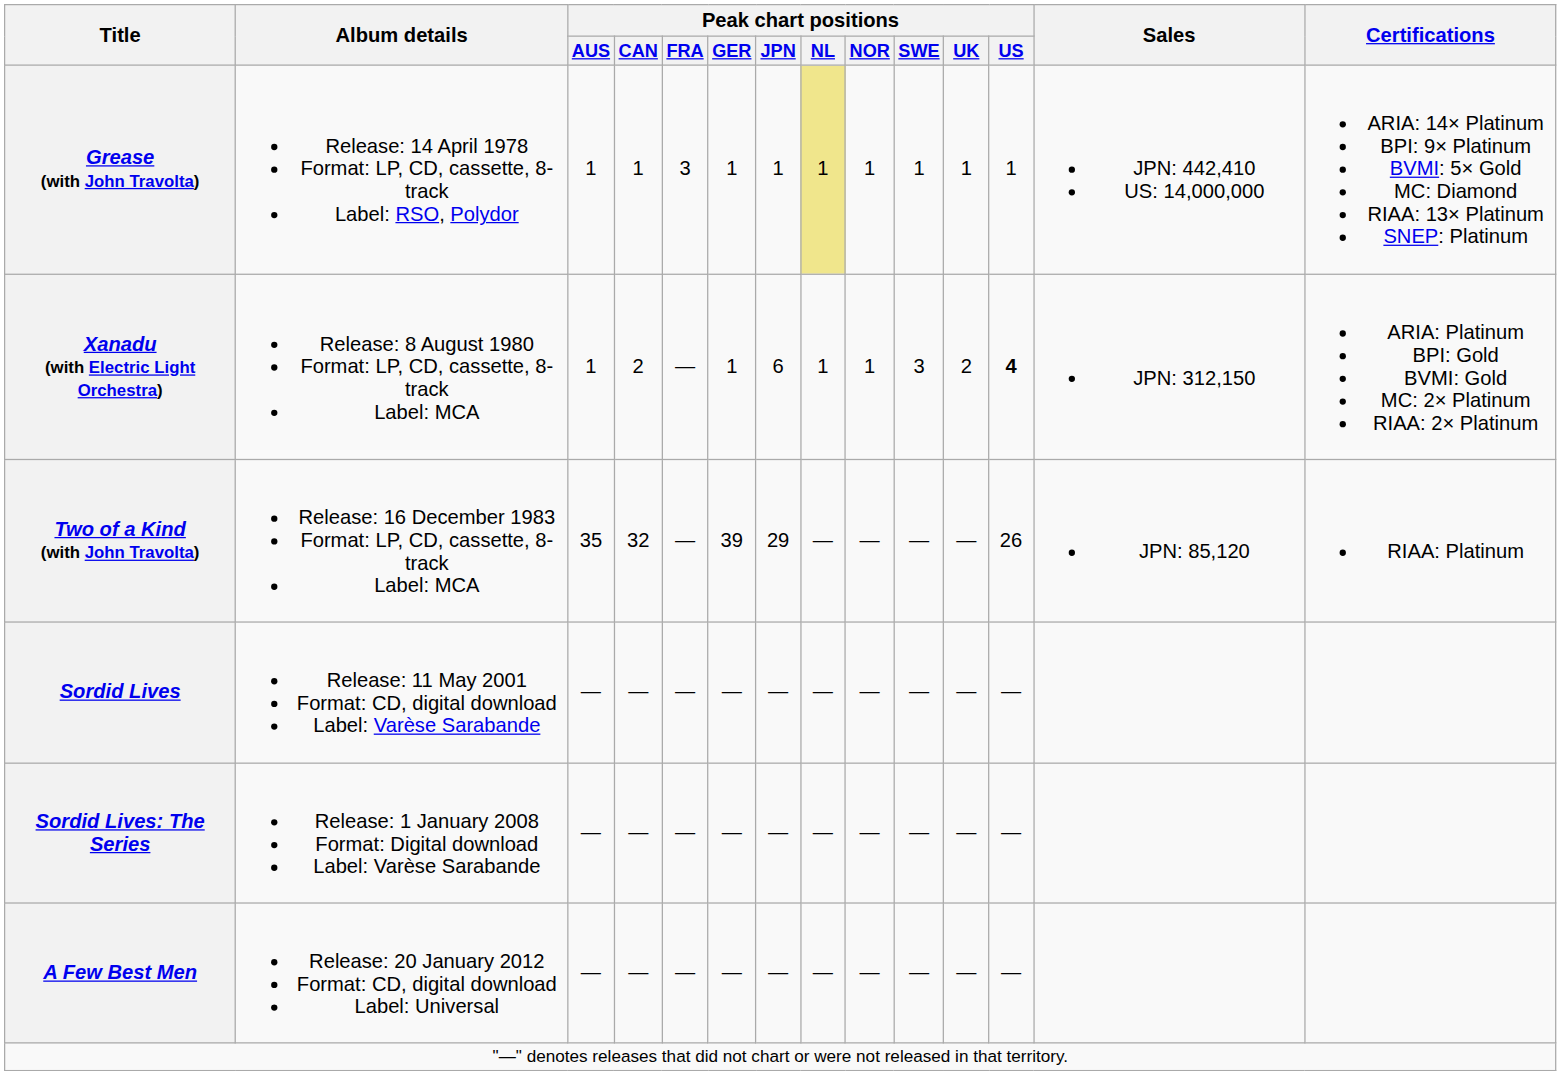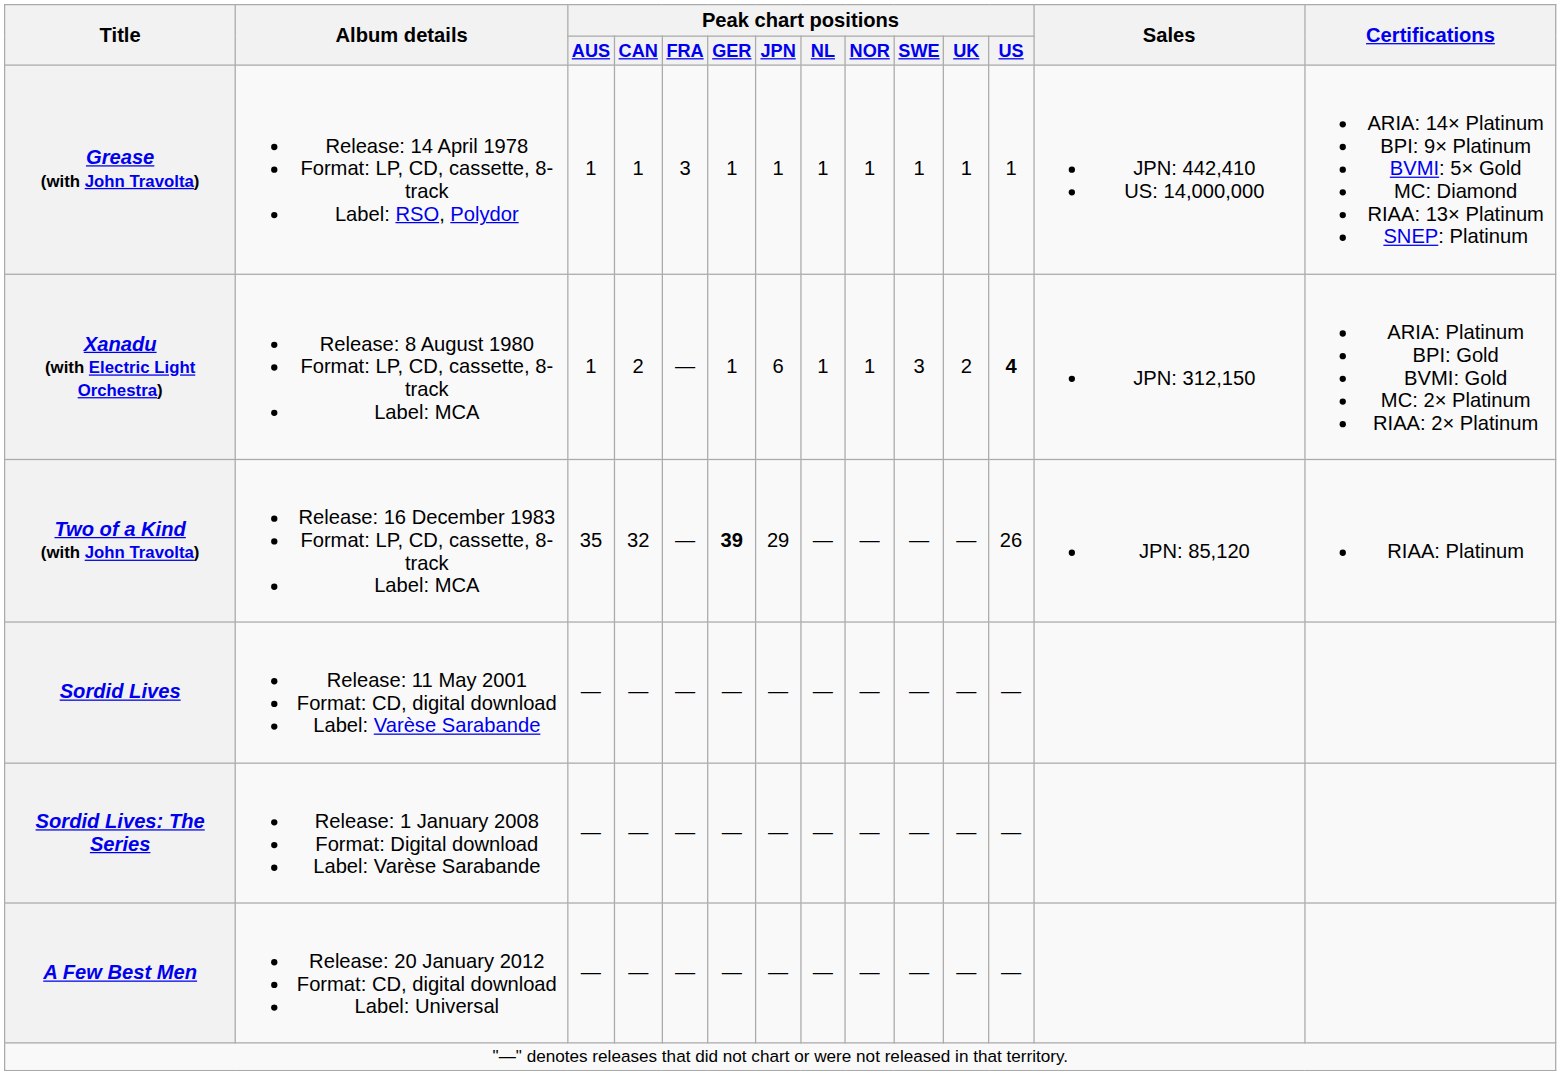 <table class="wikitable plainrowheaders" style="text-align:center;" border="1">
 <tr>
 <th scope="col" rowspan="2" style="width:11em;">Title</th>
 <th scope="col" rowspan="2" style="width:16em;">Album details</th>
 <th scope="col" colspan="10">Peak chart positions</th>
 <th scope="col" rowspan="2" style="width:13em;">Sales</th>
 <th scope="col" rowspan="2" style="width:12em;"><a href='#'>Certifications</a></th>
 </tr>
 <tr>
 <th scope="col" style="width:2em;font-size:90%;"><a href='#'>AUS</a><br></th>
 <th scope="col" style="width:2em;font-size:90%;"><a href='#'>CAN</a><br></th>
 <th scope="col" style="width:2em;font-size:90%;"><a href='#'>FRA</a><br></th>
 <th scope="col" style="width:2em;font-size:90%;"><a href='#'>GER</a><br></th>
 <th scope="col" style="width:2em;font-size:90%;"><a href='#'>JPN</a><br></th>
 <th scope="col" style="width:2em;font-size:90%;"><a href='#'>NL</a><br></th>
 <th scope="col" style="width:2em;font-size:90%;"><a href='#'>NOR</a><br></th>
 <th scope="col" style="width:2em;font-size:90%;"><a href='#'>SWE</a><br></th>
 <th scope="col" style="width:2em;font-size:90%;"><a href='#'>UK</a><br></th>
 <th scope="col" style="width:2em;font-size:90%;"><a href='#'>US</a><br></th>
 </tr>
 <tr>
 <th scope="row"><em><a href='#'>Grease</a></em><br><small>(with <a href='#'>John Travolta</a>)</small></th>
 <td><br><ul><li>Release: 14 April 1978</li><li>Format: LP, CD, cassette, 8-track</li><li>Label: <a href='#'>RSO</a>, <a href='#'>Polydor</a></li></ul></td>
 <td>1</td>
 <td>1</td>
 <td>3</td>
 <td>1</td>
 <td>1</td>
-<td style="background: khaki;">1</td>
+<td>1</td>
 <td>1</td>
 <td>1</td>
 <td>1</td>
 <td>1</td>
 <td><br><ul><li>JPN: 442,410</li><li>US: 14,000,000</li></ul></td>
 <td><br><ul><li>ARIA: 14× Platinum</li><li>BPI: 9× Platinum</li><li><a href='#'>BVMI</a>: 5× Gold</li><li>MC: Diamond</li><li>RIAA: 13× Platinum</li><li><a href='#'>SNEP</a>: Platinum</li></ul></td>
 </tr>
 <tr>
 <th scope="row"><em><a href='#'>Xanadu</a></em><br><small>(with <a href='#'>Electric Light Orchestra</a>)</small></th>
 <td><br><ul><li>Release: 8 August 1980</li><li>Format: LP, CD, cassette, 8-track</li><li>Label: MCA</li></ul></td>
 <td>1</td>
 <td>2</td>
 <td>—</td>
 <td>1</td>
 <td>6</td>
 <td>1</td>
 <td>1</td>
 <td>3</td>
 <td>2</td>
 <td><strong>4</strong></td>
 <td><br><ul><li>JPN: 312,150</li></ul></td>
 <td><br><ul><li>ARIA: Platinum</li><li>BPI: Gold</li><li>BVMI: Gold</li><li>MC: 2× Platinum</li><li>RIAA: 2× Platinum</li></ul></td>
 </tr>
 <tr>
 <th scope="row"><em><a href='#'>Two of a Kind</a></em><br><small>(with <a href='#'>John Travolta</a>)</small></th>
 <td><br><ul><li>Release: 16 December 1983</li><li>Format: LP, CD, cassette, 8-track</li><li>Label: MCA</li></ul></td>
 <td>35</td>
 <td>32</td>
 <td>—</td>
-<td>39</td>
+<td><strong>39</strong></td>
 <td>29</td>
 <td>—</td>
 <td>—</td>
 <td>—</td>
 <td>—</td>
 <td>26</td>
 <td><br><ul><li>JPN: 85,120</li></ul></td>
 <td><br><ul><li>RIAA: Platinum</li></ul></td>
 </tr>
 <tr>
 <th scope="row"><em><a href='#'>Sordid Lives</a></em></th>
 <td><br><ul><li>Release: 11 May 2001</li><li>Format: CD, digital download</li><li>Label: <a href='#'>Varèse Sarabande</a></li></ul></td>
 <td>—</td>
 <td>—</td>
 <td>—</td>
 <td>—</td>
 <td>—</td>
 <td>—</td>
 <td>—</td>
 <td>—</td>
 <td>—</td>
 <td>—</td>
 <td></td>
 <td></td>
 </tr>
 <tr>
 <th scope="row"><em><a href='#'>Sordid Lives: The Series</a></em></th>
 <td><br><ul><li>Release: 1 January 2008</li><li>Format: Digital download</li><li>Label: Varèse Sarabande</li></ul></td>
 <td>—</td>
 <td>—</td>
 <td>—</td>
 <td>—</td>
 <td>—</td>
 <td>—</td>
 <td>—</td>
 <td>—</td>
 <td>—</td>
 <td>—</td>
 <td></td>
 <td></td>
 </tr>
 <tr>
 <th scope="row"><em><a href='#'>A Few Best Men</a></em></th>
 <td><br><ul><li>Release: 20 January 2012</li><li>Format: CD, digital download</li><li>Label: Universal</li></ul></td>
 <td>—</td>
 <td>—</td>
 <td>—</td>
 <td>—</td>
 <td>—</td>
 <td>—</td>
 <td>—</td>
 <td>—</td>
 <td>—</td>
 <td>—</td>
 <td></td>
 <td></td>
 </tr>
 <tr>
 <td colspan="15" style="font-size:85%">"—" denotes releases that did not chart or were not released in that territory.</td>
 </tr>
 </table>
